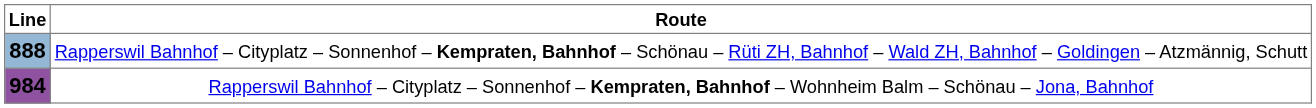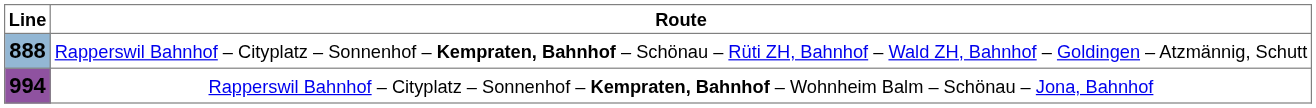 <table border="1" cellspacing="0" cellpadding="3" style="border-collapse:collapse; font-size:95%; margin-left:10px; margin-bottom:5px;">
 <tr>
 <th>Line</th>
 <th>Route</th>
 </tr>
 <tr align=center>
 <td bgcolor=#93b7d4><span><big><strong>888</strong></big></span></td>
 <td><a href='#'>Rapperswil Bahnhof</a> – Cityplatz – Sonnenhof – <strong>Kempraten, Bahnhof</strong> – Schönau – <a href='#'>Rüti ZH, Bahnhof</a> – <a href='#'>Wald ZH, Bahnhof</a> – <a href='#'>Goldingen</a> – Atzmännig, Schutt</td>
 </tr>
 <tr align=center>
-<td bgcolor=#8f52a0><span><big><strong>984</strong></big></span></td>
+<td bgcolor=#8f52a0><span><big><strong>994</strong></big></span></td>
 <td><a href='#'>Rapperswil Bahnhof</a> – Cityplatz – Sonnenhof – <strong>Kempraten, Bahnhof</strong> – Wohnheim Balm – Schönau – <a href='#'>Jona, Bahnhof</a></td>
 </tr>
 </table>
